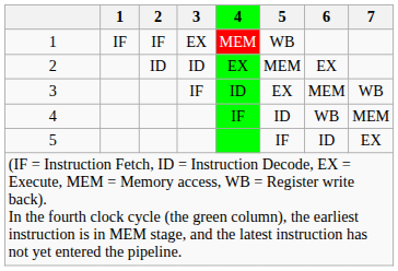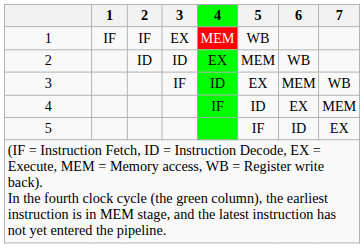 <table class="wikitable floatright" style="text-align:center; width:400px;">
 <tr>
 <th></th>
 <th style="width:2em">1</th>
 <th style="width:2em">2</th>
 <th style="width:2em">3</th>
 <th style="width:2em; background: Lime">4</th>
 <th style="width:2em">5</th>
 <th style="width:2em">6</th>
 <th style="width:2em">7</th>
 </tr>
 <tr>
 <td>1</td>
 <td>IF</td>
 <td>IF</td>
 <td>EX</td>
 <td style="background: red; color: white">MEM</td>
 <td>WB</td>
 <td></td>
 <td></td>
 </tr>
 <tr>
 <td>2</td>
 <td></td>
 <td>ID</td>
 <td>ID</td>
 <td style="background: Lime">EX</td>
 <td>MEM</td>
-<td>EX</td>
+<td>WB</td>
 <td></td>
 </tr>
 <tr>
 <td>3</td>
 <td></td>
 <td></td>
 <td>IF</td>
 <td style="background: Lime">ID</td>
 <td>EX</td>
 <td>MEM</td>
 <td>WB</td>
 </tr>
 <tr>
 <td>4</td>
 <td></td>
 <td></td>
 <td></td>
 <td style="background: Lime">IF</td>
 <td>ID</td>
-<td>WB</td>
+<td>EX</td>
 <td>MEM</td>
 </tr>
 <tr>
 <td>5</td>
 <td></td>
 <td></td>
 <td></td>
 <td style="background: Lime"></td>
 <td>IF</td>
 <td>ID</td>
 <td>EX</td>
 </tr>
 <tr>
 <td colspan="8" style="text-align:left">(IF = Instruction Fetch, ID = Instruction Decode, EX = Execute, MEM = Memory access, WB = Register write back).<br>In the fourth clock cycle (the green column), the earliest instruction is in MEM stage, and the latest instruction has not yet entered the pipeline.</td>
 </tr>
 </table>
